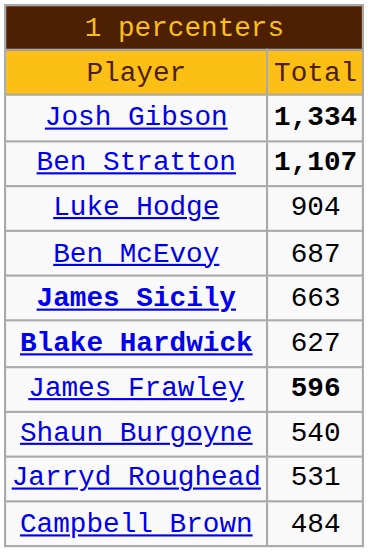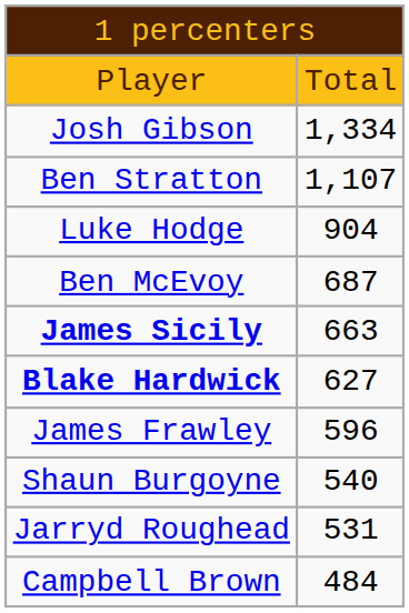 <table class="wikitable" style="text-align:center;">
 <tr>
 <td colspan="2" style="text-align:center; background: #4D2004; color: #FBBF15">1 percenters</td>
 </tr>
 <tr>
 <td style="text-align:center; background: #FBBF15; color: #4D2004">Player</td>
 <td style="text-align:center; background: #FBBF15; color: #4D2004">Total</td>
 </tr>
 <tr>
 <td><a href='#'>Josh Gibson</a></td>
-<td><strong>1,334</strong></td>
+<td>1,334</td>
 </tr>
 <tr>
 <td><a href='#'>Ben Stratton</a></td>
-<td><strong>1,107</strong></td>
+<td>1,107</td>
 </tr>
 <tr>
 <td><a href='#'>Luke Hodge</a></td>
 <td>904</td>
 </tr>
 <tr>
 <td><a href='#'>Ben McEvoy</a></td>
 <td>687</td>
 </tr>
 <tr>
 <td><strong><a href='#'>James Sicily</a></strong></td>
 <td>663</td>
 </tr>
 <tr>
 <td><strong><a href='#'>Blake Hardwick</a></strong></td>
 <td>627</td>
 </tr>
 <tr>
 <td><a href='#'>James Frawley</a></td>
-<td><strong>596</strong></td>
+<td>596</td>
 </tr>
 <tr>
 <td><a href='#'>Shaun Burgoyne</a></td>
 <td>540</td>
 </tr>
 <tr>
 <td><a href='#'>Jarryd Roughead</a></td>
 <td>531</td>
 </tr>
 <tr>
 <td><a href='#'>Campbell Brown</a></td>
 <td>484</td>
 </tr>
 </table>
